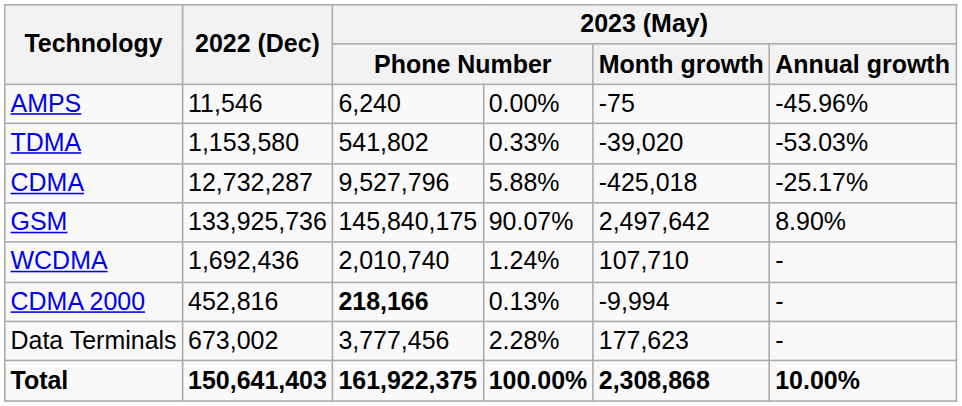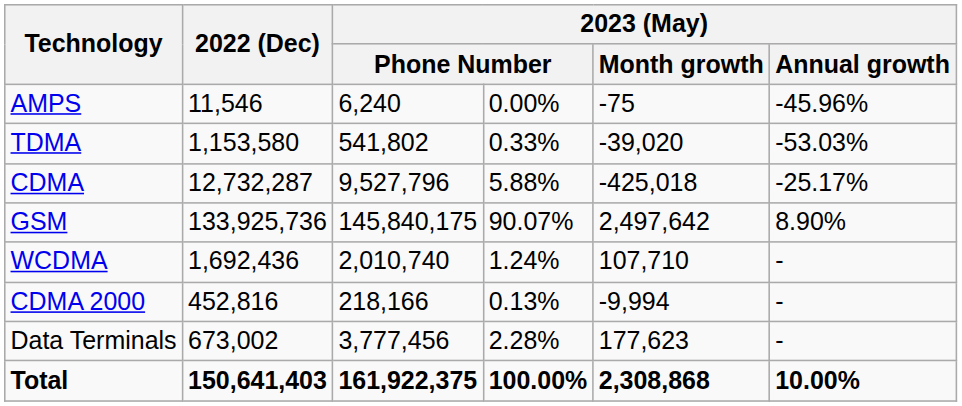 <table class="wikitable">
 <tr>
 <th rowspan="2">Technology</th>
 <th rowspan="2">2022 (Dec)</th>
 <th colspan="4">2023 (May)</th>
 </tr>
 <tr>
 <th colspan="2">Phone Number</th>
 <th>Month growth</th>
 <th>Annual growth</th>
 </tr>
 <tr>
 <td><a href='#'>AMPS</a></td>
 <td>11,546</td>
 <td>6,240</td>
 <td>0.00%</td>
 <td>-75</td>
 <td>-45.96%</td>
 </tr>
 <tr>
 <td><a href='#'>TDMA</a></td>
 <td>1,153,580</td>
 <td>541,802</td>
 <td>0.33%</td>
 <td>-39,020</td>
 <td>-53.03%</td>
 </tr>
 <tr>
 <td><a href='#'>CDMA</a></td>
 <td>12,732,287</td>
 <td>9,527,796</td>
 <td>5.88%</td>
 <td>-425,018</td>
 <td>-25.17%</td>
 </tr>
 <tr>
 <td><a href='#'>GSM</a></td>
 <td>133,925,736</td>
 <td>145,840,175</td>
 <td>90.07%</td>
 <td>2,497,642</td>
 <td>8.90%</td>
 </tr>
 <tr>
 <td><a href='#'>WCDMA</a></td>
 <td>1,692,436</td>
 <td>2,010,740</td>
 <td>1.24%</td>
 <td>107,710</td>
 <td>-</td>
 </tr>
 <tr>
 <td><a href='#'>CDMA 2000</a></td>
 <td>452,816</td>
-<td><strong>218,166</strong></td>
+<td>218,166</td>
 <td>0.13%</td>
 <td>-9,994</td>
 <td>-</td>
 </tr>
 <tr>
 <td>Data Terminals</td>
 <td>673,002</td>
 <td>3,777,456</td>
 <td>2.28%</td>
 <td>177,623</td>
 <td>-</td>
 </tr>
 <tr>
 <td><strong>Total</strong></td>
 <td><strong>150,641,403</strong></td>
 <td><strong>161,922,375</strong></td>
 <td><strong>100.00%</strong></td>
 <td><strong>2,308,868</strong></td>
 <td><strong>10.00%</strong></td>
 </tr>
 </table>
